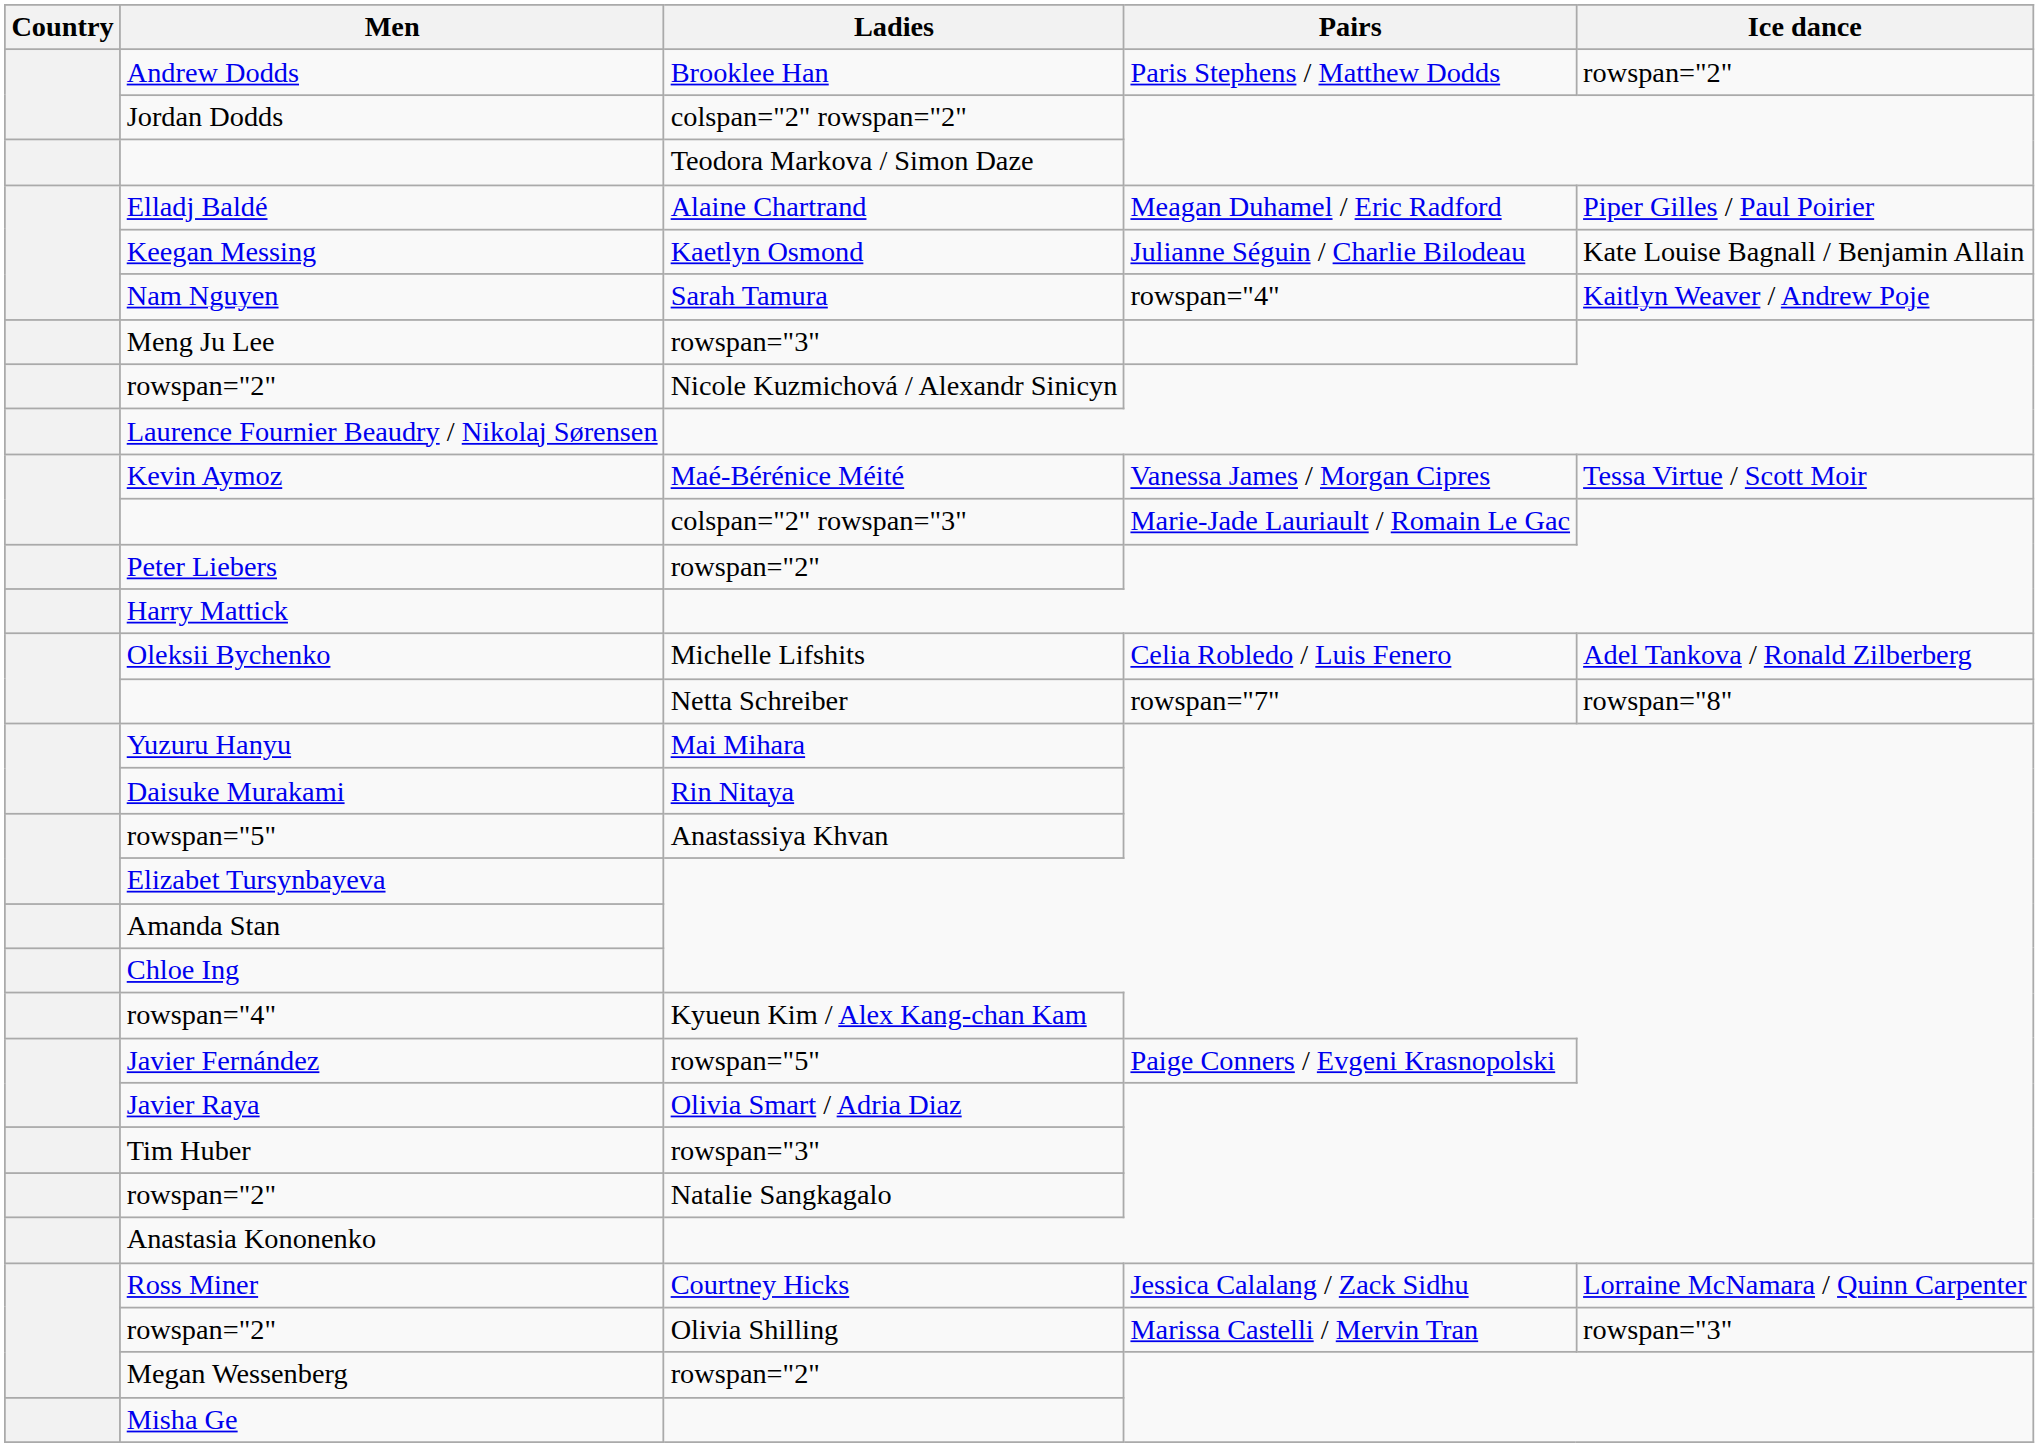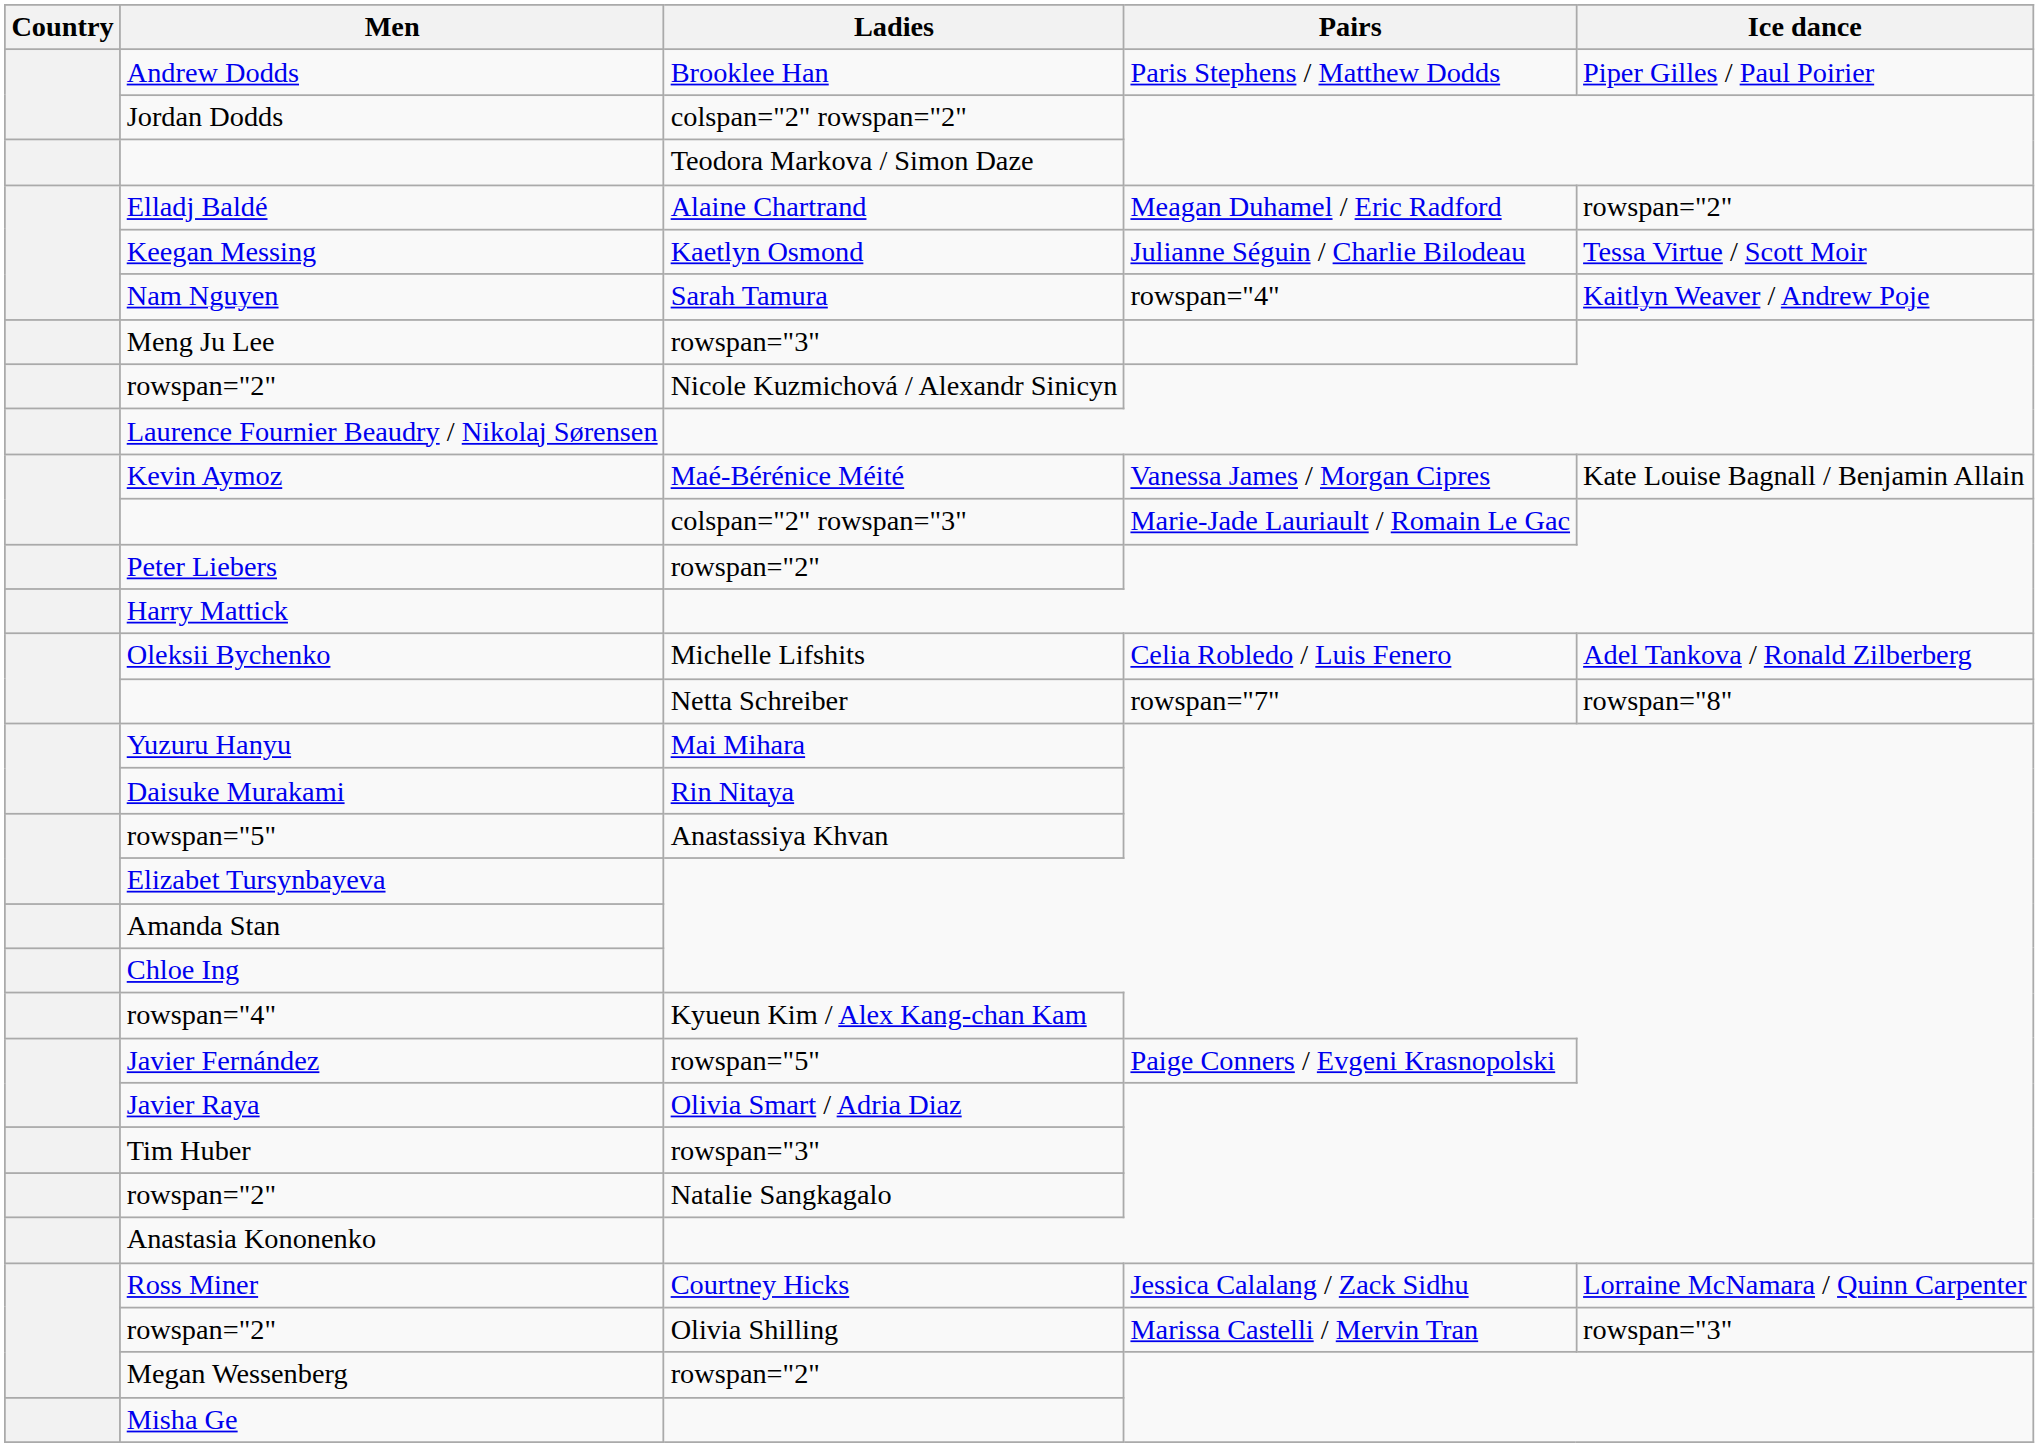 <table class="wikitable sortable" style="text-align:left">
 <tr>
 <th scope="col">Country</th>
 <th scope="col">Men</th>
 <th scope="col">Ladies</th>
 <th scope="col">Pairs</th>
 <th scope="col">Ice dance</th>
 </tr>
 <tr>
 <th scope="row" style="text-align:left" rowspan="2"></th>
 <td><a href='#'>Andrew Dodds</a></td>
 <td><a href='#'>Brooklee Han</a></td>
 <td><a href='#'>Paris Stephens</a> / <a href='#'>Matthew Dodds</a></td>
-<td>rowspan="2" </td>
+<td><a href='#'>Piper Gilles</a> / <a href='#'>Paul Poirier</a></td>
 </tr>
 <tr>
 <td>Jordan Dodds</td>
 <td>colspan="2" rowspan="2" </td>
 </tr>
 <tr>
 <th scope="row" style="text-align:left"></th>
 <td></td>
 <td>Teodora Markova / Simon Daze</td>
 </tr>
 <tr>
 <th scope="row" style="text-align:left" rowspan="3"></th>
 <td><a href='#'>Elladj Baldé</a></td>
 <td><a href='#'>Alaine Chartrand</a></td>
 <td><a href='#'>Meagan Duhamel</a> / <a href='#'>Eric Radford</a></td>
-<td><a href='#'>Piper Gilles</a> / <a href='#'>Paul Poirier</a></td>
+<td>rowspan="2" </td>
 </tr>
 <tr>
 <td><a href='#'>Keegan Messing</a></td>
 <td><a href='#'>Kaetlyn Osmond</a></td>
 <td><a href='#'>Julianne Séguin</a> / <a href='#'>Charlie Bilodeau</a></td>
-<td>Kate Louise Bagnall / Benjamin Allain</td>
+<td><a href='#'>Tessa Virtue</a> / <a href='#'>Scott Moir</a></td>
 </tr>
 <tr>
 <td><a href='#'>Nam Nguyen</a></td>
 <td><a href='#'>Sarah Tamura</a></td>
 <td>rowspan="4" </td>
 <td><a href='#'>Kaitlyn Weaver</a> / <a href='#'>Andrew Poje</a></td>
 </tr>
 <tr>
 <th scope="row" style="text-align:left"></th>
 <td>Meng Ju Lee</td>
 <td>rowspan="3" </td>
 <td></td>
 </tr>
 <tr>
 <th scope="row" style="text-align:left"></th>
 <td>rowspan="2" </td>
 <td>Nicole Kuzmichová / Alexandr Sinicyn</td>
 </tr>
 <tr>
 <th scope="row" style="text-align:left"></th>
 <td><a href='#'>Laurence Fournier Beaudry</a> / <a href='#'>Nikolaj Sørensen</a></td>
 </tr>
 <tr>
 <th scope="row" style="text-align:left" rowspan="2"></th>
 <td><a href='#'>Kevin Aymoz</a></td>
 <td><a href='#'>Maé-Bérénice Méité</a></td>
 <td><a href='#'>Vanessa James</a> / <a href='#'>Morgan Cipres</a></td>
-<td><a href='#'>Tessa Virtue</a> / <a href='#'>Scott Moir</a></td>
+<td>Kate Louise Bagnall / Benjamin Allain</td>
 </tr>
 <tr>
 <td></td>
 <td>colspan="2" rowspan="3" </td>
 <td><a href='#'>Marie-Jade Lauriault</a> / <a href='#'>Romain Le Gac</a></td>
 </tr>
 <tr>
 <th scope="row" style="text-align:left"></th>
 <td><a href='#'>Peter Liebers</a></td>
 <td>rowspan="2" </td>
 </tr>
 <tr>
 <th scope="row" style="text-align:left"></th>
 <td><a href='#'>Harry Mattick</a></td>
 </tr>
 <tr>
 <th rowspan="2" scope="row" style="text-align:left"></th>
 <td><a href='#'>Oleksii Bychenko</a></td>
 <td>Michelle Lifshits</td>
 <td><a href='#'>Celia Robledo</a> / <a href='#'>Luis Fenero</a></td>
 <td><a href='#'>Adel Tankova</a> / <a href='#'>Ronald Zilberberg</a></td>
 </tr>
 <tr>
 <td></td>
 <td>Netta Schreiber</td>
 <td>rowspan="7" </td>
 <td>rowspan="8" </td>
 </tr>
 <tr>
 <th scope="row" style="text-align:left" rowspan="2"></th>
 <td><a href='#'>Yuzuru Hanyu</a></td>
 <td><a href='#'>Mai Mihara</a></td>
 </tr>
 <tr>
 <td><a href='#'>Daisuke Murakami</a></td>
 <td><a href='#'>Rin Nitaya</a></td>
 </tr>
 <tr>
 <th scope="row" style="text-align:left" rowspan="2"></th>
 <td>rowspan="5" </td>
 <td>Anastassiya Khvan</td>
 </tr>
 <tr>
 <td><a href='#'>Elizabet Tursynbayeva</a></td>
 </tr>
 <tr>
 <th scope="row" style="text-align:left"></th>
 <td>Amanda Stan</td>
 </tr>
 <tr>
 <th scope="row" style="text-align:left"></th>
 <td><a href='#'>Chloe Ing</a></td>
 </tr>
 <tr>
 <th scope="row" style="text-align:left"></th>
 <td>rowspan="4" </td>
 <td>Kyueun Kim / <a href='#'>Alex Kang-chan Kam</a></td>
 </tr>
 <tr>
 <th scope="row" style="text-align:left" rowspan="2"></th>
 <td><a href='#'>Javier Fernández</a></td>
 <td>rowspan="5" </td>
 <td><a href='#'>Paige Conners</a> / <a href='#'>Evgeni Krasnopolski</a></td>
 </tr>
 <tr>
 <td><a href='#'>Javier Raya</a></td>
 <td><a href='#'>Olivia Smart</a> / <a href='#'>Adria Diaz</a></td>
 </tr>
 <tr>
 <th scope="row" style="text-align:left"></th>
 <td>Tim Huber</td>
 <td>rowspan="3" </td>
 </tr>
 <tr>
 <th scope="row" style="text-align:left"></th>
 <td>rowspan="2" </td>
 <td>Natalie Sangkagalo</td>
 </tr>
 <tr>
 <th scope="row" style="text-align:left"></th>
 <td>Anastasia Kononenko</td>
 </tr>
 <tr>
 <th scope="row" style="text-align:left" rowspan="3"></th>
 <td><a href='#'>Ross Miner</a></td>
 <td><a href='#'>Courtney Hicks</a></td>
 <td><a href='#'>Jessica Calalang</a> / <a href='#'>Zack Sidhu</a></td>
 <td><a href='#'>Lorraine McNamara</a> / <a href='#'>Quinn Carpenter</a></td>
 </tr>
 <tr>
 <td>rowspan="2" </td>
 <td>Olivia Shilling</td>
 <td><a href='#'>Marissa Castelli</a> / <a href='#'>Mervin Tran</a></td>
 <td>rowspan="3" </td>
 </tr>
 <tr>
 <td>Megan Wessenberg</td>
 <td>rowspan="2" </td>
 </tr>
 <tr>
 <th scope="row" style="text-align:left"></th>
 <td><a href='#'>Misha Ge</a></td>
 <td></td>
 </tr>
 </table>
